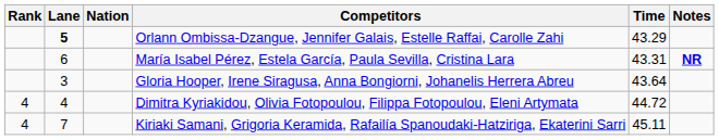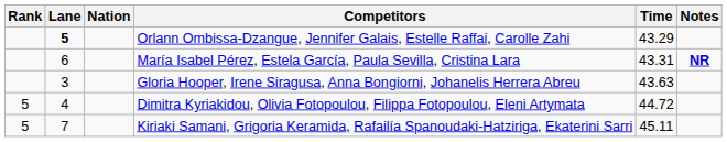 <table class="wikitable sortable" style="text-align:center; font-size:95%">
 <tr>
 <th>Rank</th>
 <th>Lane</th>
 <th>Nation</th>
 <th>Competitors</th>
 <th>Time</th>
 <th>Notes</th>
 </tr>
 <tr>
 <td></td>
 <td><strong>5</strong></td>
 <td align="left"></td>
 <td align="left"><a href='#'>Orlann Ombissa-Dzangue</a>, <a href='#'>Jennifer Galais</a>, <a href='#'>Estelle Raffai</a>, <a href='#'>Carolle Zahi</a></td>
 <td>43.29</td>
 <td></td>
 </tr>
 <tr>
 <td></td>
 <td>6</td>
 <td align="left"></td>
 <td align="left"><a href='#'>María Isabel Pérez</a>, <a href='#'>Estela García</a>, <a href='#'>Paula Sevilla</a>, <a href='#'>Cristina Lara</a></td>
 <td>43.31</td>
 <td><strong><a href='#'>NR</a></strong></td>
 </tr>
 <tr>
 <td></td>
 <td>3</td>
 <td align="left"></td>
 <td align="left"><a href='#'>Gloria Hooper</a>, <a href='#'>Irene Siragusa</a>, <a href='#'>Anna Bongiorni</a>, <a href='#'>Johanelis Herrera Abreu</a></td>
-<td>43.64</td>
+<td>43.63</td>
 <td></td>
 </tr>
 <tr>
-<td>4</td>
+<td>5</td>
 <td>4</td>
 <td align="left"></td>
 <td align="left"><a href='#'>Dimitra Kyriakidou</a>, <a href='#'>Olivia Fotopoulou</a>, <a href='#'>Filippa Fotopoulou</a>, <a href='#'>Eleni Artymata</a></td>
 <td>44.72</td>
 <td></td>
 </tr>
 <tr>
-<td>4</td>
+<td>5</td>
 <td>7</td>
 <td align="left"></td>
 <td align="left"><a href='#'>Kiriaki Samani</a>, <a href='#'>Grigoria Keramida</a>, <a href='#'>Rafailía Spanoudaki-Hatziriga</a>, <a href='#'>Ekaterini Sarri</a></td>
 <td>45.11</td>
 <td></td>
 </tr>
 </table>
